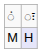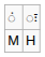 <table class="wikitable">
 <tr class="Unicode">
 <td>ं</td>
 <td>ः</td>
 </tr>
 <tr>
 <td>M</td>
-<td style="background: lavender;">H</td>
+<td>H</td>
 </tr>
 </table>
